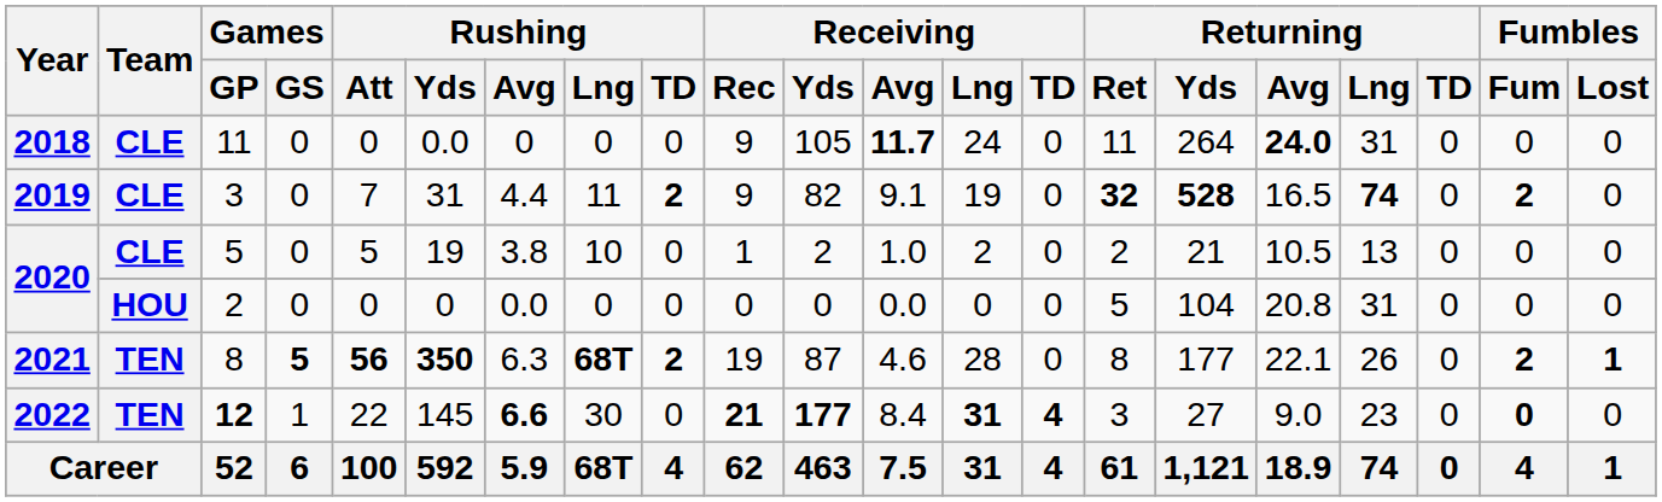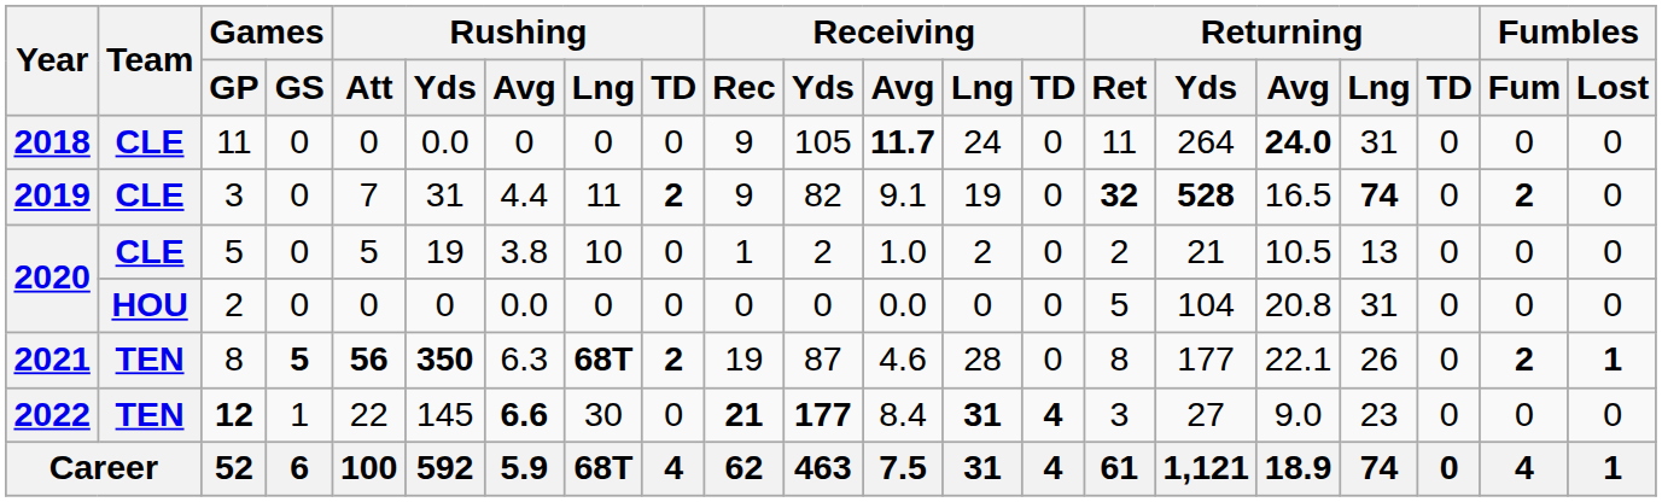 <table class="wikitable" style="text-align: center;">
 <tr>
 <th rowspan="2">Year</th>
 <th rowspan="2">Team</th>
 <th colspan="2">Games</th>
 <th colspan="5">Rushing</th>
 <th colspan="5">Receiving</th>
 <th colspan="5">Returning</th>
 <th colspan="2">Fumbles</th>
 </tr>
 <tr>
 <th>GP</th>
 <th>GS</th>
 <th>Att</th>
 <th>Yds</th>
 <th>Avg</th>
 <th>Lng</th>
 <th>TD</th>
 <th>Rec</th>
 <th>Yds</th>
 <th>Avg</th>
 <th>Lng</th>
 <th>TD</th>
 <th>Ret</th>
 <th>Yds</th>
 <th>Avg</th>
 <th>Lng</th>
 <th>TD</th>
 <th>Fum</th>
 <th>Lost</th>
 </tr>
 <tr>
 <th><a href='#'>2018</a></th>
 <th><a href='#'>CLE</a></th>
 <td>11</td>
 <td>0</td>
 <td>0</td>
 <td>0.0</td>
 <td>0</td>
 <td>0</td>
 <td>0</td>
 <td>9</td>
 <td>105</td>
 <td><strong>11.7</strong></td>
 <td>24</td>
 <td>0</td>
 <td>11</td>
 <td>264</td>
 <td><strong>24.0</strong></td>
 <td>31</td>
 <td>0</td>
 <td>0</td>
 <td>0</td>
 </tr>
 <tr>
 <th><a href='#'>2019</a></th>
 <th><a href='#'>CLE</a></th>
 <td>3</td>
 <td>0</td>
 <td>7</td>
 <td>31</td>
 <td>4.4</td>
 <td>11</td>
 <td><strong>2</strong></td>
 <td>9</td>
 <td>82</td>
 <td>9.1</td>
 <td>19</td>
 <td>0</td>
 <td><strong>32</strong></td>
 <td><strong>528</strong></td>
 <td>16.5</td>
 <td><strong>74</strong></td>
 <td>0</td>
 <td><strong>2</strong></td>
 <td>0</td>
 </tr>
 <tr>
 <th rowspan="2"><a href='#'>2020</a></th>
 <th><a href='#'>CLE</a></th>
 <td>5</td>
 <td>0</td>
 <td>5</td>
 <td>19</td>
 <td>3.8</td>
 <td>10</td>
 <td>0</td>
 <td>1</td>
 <td>2</td>
 <td>1.0</td>
 <td>2</td>
 <td>0</td>
 <td>2</td>
 <td>21</td>
 <td>10.5</td>
 <td>13</td>
 <td>0</td>
 <td>0</td>
 <td>0</td>
 </tr>
 <tr>
 <th><a href='#'>HOU</a></th>
 <td>2</td>
 <td>0</td>
 <td>0</td>
 <td>0</td>
 <td>0.0</td>
 <td>0</td>
 <td>0</td>
 <td>0</td>
 <td>0</td>
 <td>0.0</td>
 <td>0</td>
 <td>0</td>
 <td>5</td>
 <td>104</td>
 <td>20.8</td>
 <td>31</td>
 <td>0</td>
 <td>0</td>
 <td>0</td>
 </tr>
 <tr>
 <th><a href='#'>2021</a></th>
 <th><a href='#'>TEN</a></th>
 <td>8</td>
 <td><strong>5</strong></td>
 <td><strong>56</strong></td>
 <td><strong>350</strong></td>
 <td>6.3</td>
 <td><strong>68T</strong></td>
 <td><strong>2</strong></td>
 <td>19</td>
 <td>87</td>
 <td>4.6</td>
 <td>28</td>
 <td>0</td>
 <td>8</td>
 <td>177</td>
 <td>22.1</td>
 <td>26</td>
 <td>0</td>
 <td><strong>2</strong></td>
 <td><strong>1</strong></td>
 </tr>
 <tr>
 <th><a href='#'>2022</a></th>
 <th><a href='#'>TEN</a></th>
 <td><strong>12</strong></td>
 <td>1</td>
 <td>22</td>
 <td>145</td>
 <td><strong>6.6</strong></td>
 <td>30</td>
 <td>0</td>
 <td><strong>21</strong></td>
 <td><strong>177</strong></td>
 <td>8.4</td>
 <td><strong>31</strong></td>
 <td><strong>4</strong></td>
 <td>3</td>
 <td>27</td>
 <td>9.0</td>
 <td>23</td>
 <td>0</td>
-<td><strong>0</strong></td>
+<td>0</td>
 <td>0</td>
 </tr>
 <tr>
 <th colspan="2">Career</th>
 <th>52</th>
 <th>6</th>
 <th>100</th>
 <th>592</th>
 <th>5.9</th>
 <th>68T</th>
 <th>4</th>
 <th>62</th>
 <th>463</th>
 <th>7.5</th>
 <th>31</th>
 <th>4</th>
 <th>61</th>
 <th>1,121</th>
 <th>18.9</th>
 <th>74</th>
 <th>0</th>
 <th>4</th>
 <th>1</th>
 </tr>
 </table>
